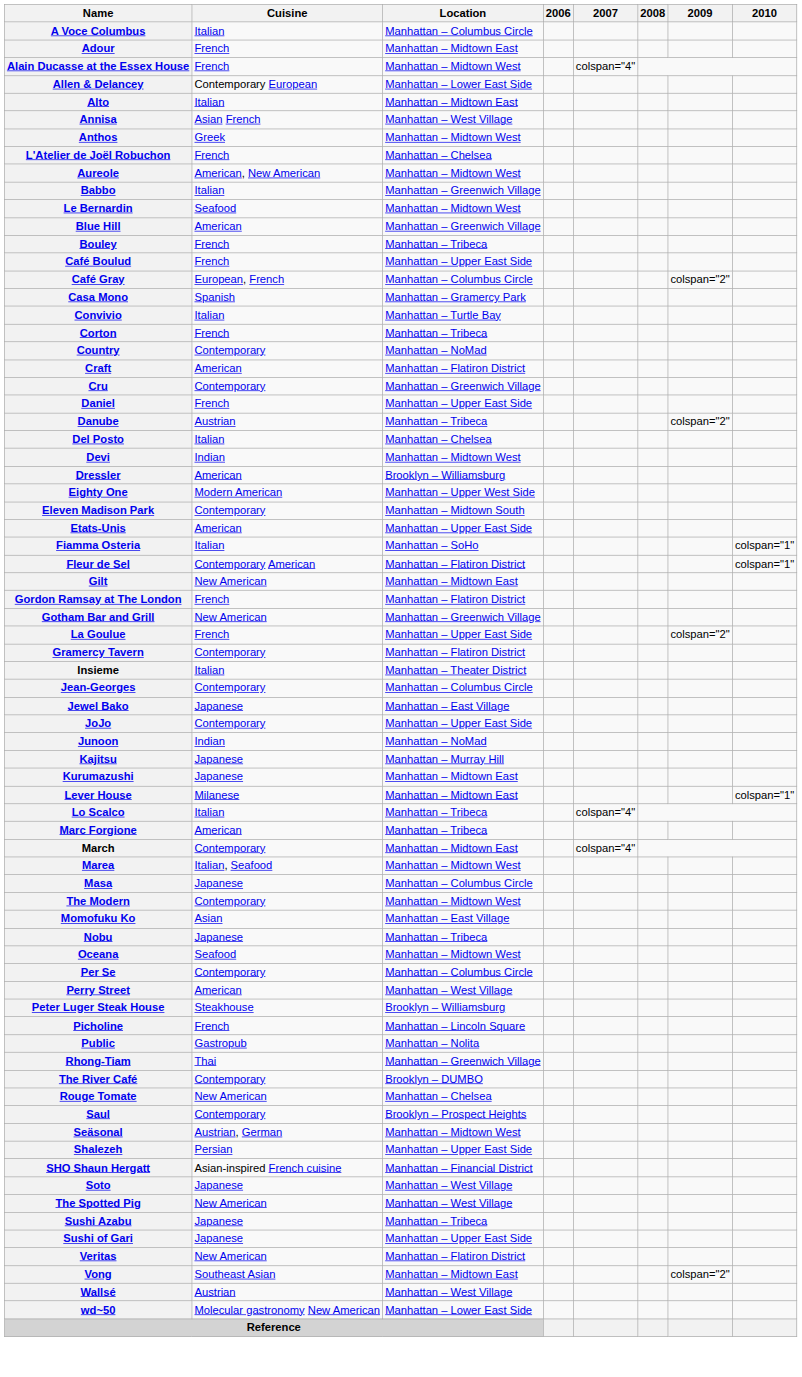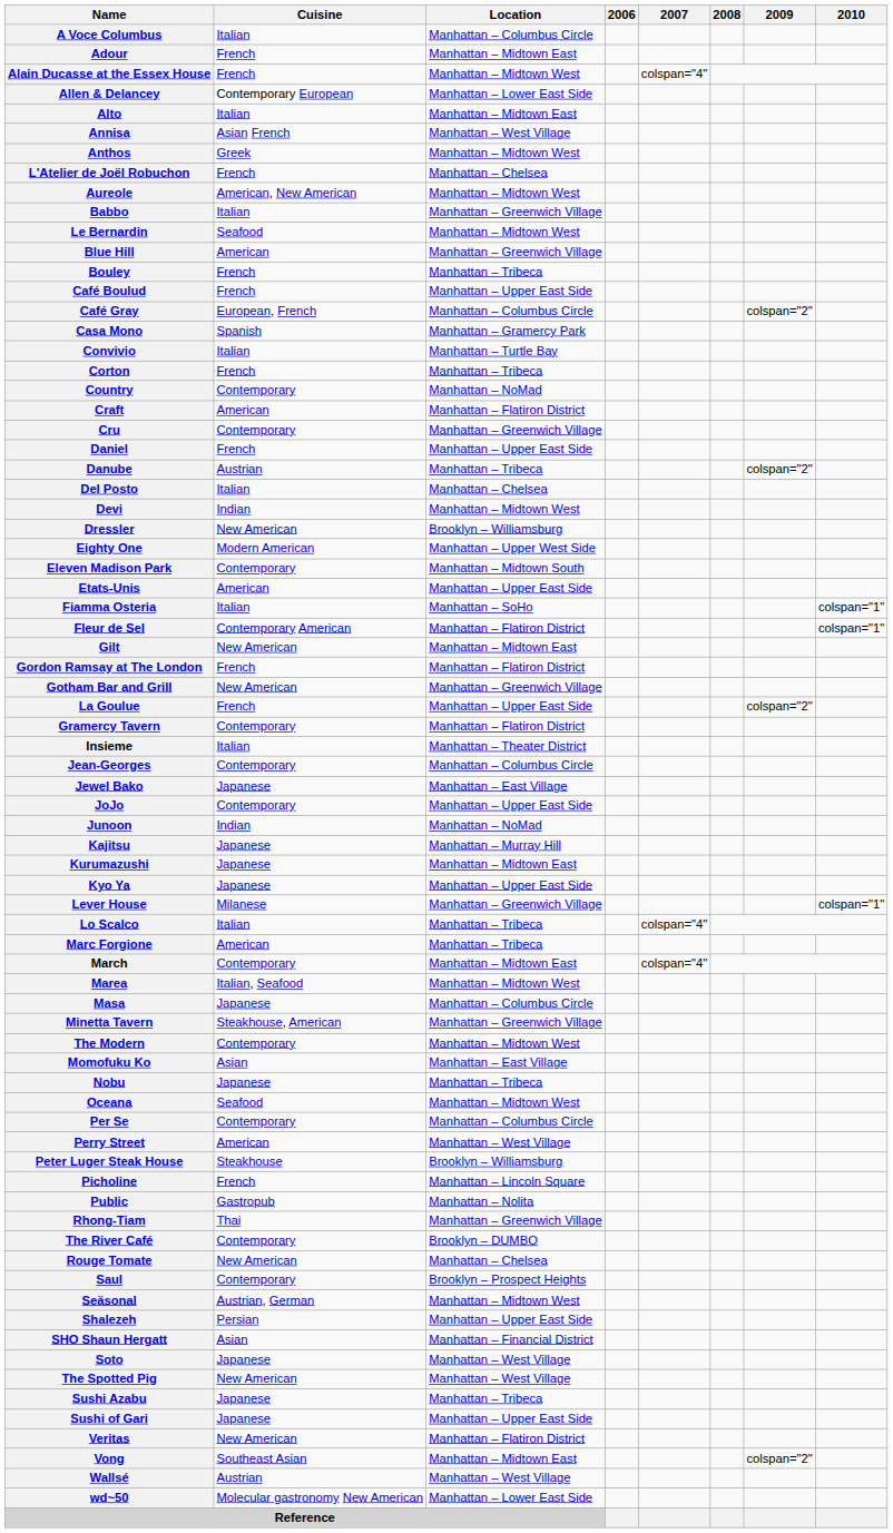 <table class="wikitable sortable plainrowheaders" style="text-align:left;"">
 <tr>
 <th scope="col">Name</th>
 <th scope="col">Cuisine</th>
 <th scope="col">Location</th>
 <th scope="col">2006</th>
 <th scope="col">2007</th>
 <th scope="col">2008</th>
 <th scope="col">2009</th>
 <th scope="col">2010</th>
 </tr>
 <tr>
 <th scope="row"><a href='#'>A Voce Columbus</a></th>
 <td><a href='#'>Italian</a></td>
 <td><a href='#'>Manhattan – Columbus Circle</a></td>
 <td></td>
 <td></td>
 <td></td>
 <td></td>
 <td></td>
 </tr>
 <tr>
 <th scope="row"><a href='#'>Adour</a></th>
 <td><a href='#'>French</a></td>
 <td><a href='#'>Manhattan – Midtown East</a></td>
 <td></td>
 <td></td>
 <td></td>
 <td></td>
 <td></td>
 </tr>
 <tr>
 <th scope="row"><a href='#'>Alain Ducasse at the Essex House</a></th>
 <td><a href='#'>French</a></td>
 <td><a href='#'>Manhattan – Midtown West</a></td>
 <td></td>
 <td>colspan="4" </td>
 </tr>
 <tr>
 <th scope="row"><a href='#'>Allen & Delancey</a></th>
 <td>Contemporary <a href='#'>European</a></td>
 <td><a href='#'>Manhattan – Lower East Side</a></td>
 <td></td>
 <td></td>
 <td></td>
 <td></td>
 <td></td>
 </tr>
 <tr>
 <th scope="row"><a href='#'>Alto</a></th>
 <td><a href='#'>Italian</a></td>
 <td><a href='#'>Manhattan – Midtown East</a></td>
 <td></td>
 <td></td>
 <td></td>
 <td></td>
 <td></td>
 </tr>
 <tr>
 <th scope="row"><a href='#'>Annisa</a></th>
 <td><a href='#'>Asian</a> <a href='#'>French</a></td>
 <td><a href='#'>Manhattan – West Village</a></td>
 <td></td>
 <td></td>
 <td></td>
 <td></td>
 <td></td>
 </tr>
 <tr>
 <th scope="row"><a href='#'>Anthos</a></th>
 <td><a href='#'>Greek</a></td>
 <td><a href='#'>Manhattan – Midtown West</a></td>
 <td></td>
 <td></td>
 <td></td>
 <td></td>
 <td></td>
 </tr>
 <tr>
 <th scope="row"><a href='#'>L'Atelier de Joël Robuchon</a></th>
 <td><a href='#'>French</a></td>
 <td><a href='#'>Manhattan – Chelsea</a></td>
 <td></td>
 <td></td>
 <td></td>
 <td></td>
 <td></td>
 </tr>
 <tr>
 <th scope="row"><a href='#'>Aureole</a></th>
 <td><a href='#'>American</a>, <a href='#'>New American</a></td>
 <td><a href='#'>Manhattan – Midtown West</a></td>
 <td></td>
 <td></td>
 <td></td>
 <td></td>
 <td></td>
 </tr>
 <tr>
 <th scope="row"><a href='#'>Babbo</a></th>
 <td><a href='#'>Italian</a></td>
 <td><a href='#'>Manhattan – Greenwich Village</a></td>
 <td></td>
 <td></td>
 <td></td>
 <td></td>
 <td></td>
 </tr>
 <tr>
 <th scope="row"><a href='#'>Le Bernardin</a></th>
 <td><a href='#'>Seafood</a></td>
 <td><a href='#'>Manhattan – Midtown West</a></td>
 <td></td>
 <td></td>
 <td></td>
 <td></td>
 <td></td>
 </tr>
 <tr>
 <th scope="row"><a href='#'>Blue Hill</a></th>
 <td><a href='#'>American</a></td>
 <td><a href='#'>Manhattan – Greenwich Village</a></td>
 <td></td>
 <td></td>
 <td></td>
 <td></td>
 <td></td>
 </tr>
 <tr>
 <th scope="row"><a href='#'>Bouley</a></th>
 <td><a href='#'>French</a></td>
 <td><a href='#'>Manhattan – Tribeca</a></td>
 <td></td>
 <td></td>
 <td></td>
 <td></td>
 <td></td>
 </tr>
 <tr>
 <th scope="row"><a href='#'>Café Boulud</a></th>
 <td><a href='#'>French</a></td>
 <td><a href='#'>Manhattan – Upper East Side</a></td>
 <td></td>
 <td></td>
 <td></td>
 <td></td>
 <td></td>
 </tr>
 <tr>
 <th scope="row"><a href='#'>Café Gray</a></th>
 <td><a href='#'>European</a>, <a href='#'>French</a></td>
 <td><a href='#'>Manhattan – Columbus Circle</a></td>
 <td></td>
 <td></td>
 <td></td>
 <td>colspan="2" </td>
 </tr>
 <tr>
 <th scope="row"><a href='#'>Casa Mono</a></th>
 <td><a href='#'>Spanish</a></td>
 <td><a href='#'>Manhattan – Gramercy Park</a></td>
 <td></td>
 <td></td>
 <td></td>
 <td></td>
 <td></td>
 </tr>
 <tr>
 <th scope="row"><a href='#'>Convivio</a></th>
 <td><a href='#'>Italian</a></td>
 <td><a href='#'>Manhattan – Turtle Bay</a></td>
 <td></td>
 <td></td>
 <td></td>
 <td></td>
 <td></td>
 </tr>
 <tr>
 <th scope="row"><a href='#'>Corton</a></th>
 <td><a href='#'>French</a></td>
 <td><a href='#'>Manhattan – Tribeca</a></td>
 <td></td>
 <td></td>
 <td></td>
 <td></td>
 <td></td>
 </tr>
 <tr>
 <th scope="row"><a href='#'>Country</a></th>
 <td><a href='#'>Contemporary</a></td>
 <td><a href='#'>Manhattan – NoMad</a></td>
 <td></td>
 <td></td>
 <td></td>
 <td></td>
 <td></td>
 </tr>
 <tr>
 <th scope="row"><a href='#'>Craft</a></th>
 <td><a href='#'>American</a></td>
 <td><a href='#'>Manhattan – Flatiron District</a></td>
 <td></td>
 <td></td>
 <td></td>
 <td></td>
 <td></td>
 </tr>
 <tr>
 <th scope="row"><a href='#'>Cru</a></th>
 <td><a href='#'>Contemporary</a></td>
 <td><a href='#'>Manhattan – Greenwich Village</a></td>
 <td></td>
 <td></td>
 <td></td>
 <td></td>
 <td></td>
 </tr>
 <tr>
 <th scope="row"><a href='#'>Daniel</a></th>
 <td><a href='#'>French</a></td>
 <td><a href='#'>Manhattan – Upper East Side</a></td>
 <td></td>
 <td></td>
 <td></td>
 <td></td>
 <td></td>
 </tr>
 <tr>
 <th scope="row"><a href='#'>Danube</a></th>
 <td><a href='#'>Austrian</a></td>
 <td><a href='#'>Manhattan – Tribeca</a></td>
 <td></td>
 <td></td>
 <td></td>
 <td>colspan="2" </td>
 </tr>
 <tr>
 <th scope="row"><a href='#'>Del Posto</a></th>
 <td><a href='#'>Italian</a></td>
 <td><a href='#'>Manhattan – Chelsea</a></td>
 <td></td>
 <td></td>
 <td></td>
 <td></td>
 <td></td>
 </tr>
 <tr>
 <th scope="row"><a href='#'>Devi</a></th>
 <td><a href='#'>Indian</a></td>
 <td><a href='#'>Manhattan – Midtown West</a></td>
 <td></td>
 <td></td>
 <td></td>
 <td></td>
 <td></td>
 </tr>
 <tr>
 <th scope="row"><a href='#'>Dressler</a></th>
-<td><a href='#'>American</a></td>
+<td><a href='#'>New American</a></td>
 <td><a href='#'>Brooklyn  – Williamsburg</a></td>
 <td></td>
 <td></td>
 <td></td>
 <td></td>
 <td></td>
 </tr>
 <tr>
 <th scope="row"><a href='#'>Eighty One</a></th>
 <td><a href='#'>Modern American</a></td>
 <td><a href='#'>Manhattan – Upper West Side</a></td>
 <td></td>
 <td></td>
 <td></td>
 <td></td>
 <td></td>
 </tr>
 <tr>
 <th scope="row"><a href='#'>Eleven Madison Park</a></th>
 <td><a href='#'>Contemporary</a> </td>
 <td><a href='#'>Manhattan – Midtown South</a></td>
 <td></td>
 <td></td>
 <td></td>
 <td></td>
 <td></td>
 </tr>
 <tr>
 <th scope="row"><a href='#'>Etats-Unis</a></th>
 <td><a href='#'>American</a></td>
 <td><a href='#'>Manhattan – Upper East Side</a></td>
 <td></td>
 <td></td>
 <td></td>
 <td></td>
 <td></td>
 </tr>
 <tr>
 <th scope="row"><a href='#'>Fiamma Osteria</a></th>
 <td><a href='#'>Italian</a></td>
 <td><a href='#'>Manhattan – SoHo</a></td>
 <td></td>
 <td></td>
 <td></td>
 <td></td>
 <td>colspan="1" </td>
 </tr>
 <tr>
 <th scope="row"><a href='#'>Fleur de Sel</a></th>
 <td><a href='#'>Contemporary</a> <a href='#'>American</a></td>
 <td><a href='#'>Manhattan – Flatiron District</a></td>
 <td></td>
 <td></td>
 <td></td>
 <td></td>
 <td>colspan="1" </td>
 </tr>
 <tr>
 <th scope="row"><a href='#'>Gilt</a></th>
 <td><a href='#'>New American</a></td>
 <td><a href='#'>Manhattan – Midtown East</a></td>
 <td></td>
 <td></td>
 <td></td>
 <td></td>
 <td></td>
 </tr>
 <tr>
 <th scope="row"><a href='#'>Gordon Ramsay at The London</a></th>
 <td><a href='#'>French</a></td>
 <td><a href='#'>Manhattan – Flatiron District</a></td>
 <td></td>
 <td></td>
 <td></td>
 <td></td>
 <td></td>
 </tr>
 <tr>
 <th scope="row"><a href='#'>Gotham Bar and Grill</a></th>
 <td><a href='#'>New American</a></td>
 <td><a href='#'>Manhattan – Greenwich Village</a></td>
 <td></td>
 <td></td>
 <td></td>
 <td></td>
 <td></td>
 </tr>
 <tr>
 <th scope="row"><a href='#'>La Goulue</a></th>
 <td><a href='#'>French</a></td>
 <td><a href='#'>Manhattan – Upper East Side</a></td>
 <td></td>
 <td></td>
 <td></td>
 <td>colspan="2" </td>
 </tr>
 <tr>
 <th scope="row"><a href='#'>Gramercy Tavern</a></th>
 <td><a href='#'>Contemporary</a></td>
 <td><a href='#'>Manhattan – Flatiron District</a></td>
 <td></td>
 <td></td>
 <td></td>
 <td></td>
 <td></td>
 </tr>
 <tr>
 <th scope="row">Insieme</th>
 <td><a href='#'>Italian</a></td>
 <td><a href='#'>Manhattan – Theater District</a></td>
 <td></td>
 <td></td>
 <td></td>
 <td></td>
 <td></td>
 </tr>
 <tr>
 <th scope="row"><a href='#'>Jean-Georges</a></th>
 <td><a href='#'>Contemporary</a></td>
 <td><a href='#'>Manhattan – Columbus Circle</a></td>
 <td></td>
 <td></td>
 <td></td>
 <td></td>
 <td></td>
 </tr>
 <tr>
 <th scope="row"><a href='#'>Jewel Bako</a></th>
 <td><a href='#'>Japanese</a></td>
 <td><a href='#'>Manhattan – East Village</a></td>
 <td></td>
 <td></td>
 <td></td>
 <td></td>
 <td></td>
 </tr>
 <tr>
 <th scope="row"><a href='#'>JoJo</a></th>
 <td><a href='#'>Contemporary</a></td>
 <td><a href='#'>Manhattan – Upper East Side</a></td>
 <td></td>
 <td></td>
 <td></td>
 <td></td>
 <td></td>
 </tr>
 <tr>
 <th scope="row"><a href='#'>Junoon</a></th>
 <td><a href='#'>Indian</a></td>
 <td><a href='#'>Manhattan – NoMad</a></td>
 <td></td>
 <td></td>
 <td></td>
 <td></td>
 <td></td>
 </tr>
 <tr>
 <th scope="row"><a href='#'>Kajitsu</a></th>
 <td><a href='#'>Japanese</a></td>
 <td><a href='#'>Manhattan – Murray Hill</a></td>
 <td></td>
 <td></td>
 <td></td>
 <td></td>
 <td></td>
 </tr>
 <tr>
 <th scope="row"><a href='#'>Kurumazushi</a></th>
 <td><a href='#'>Japanese</a></td>
 <td><a href='#'>Manhattan – Midtown East</a></td>
 <td></td>
 <td></td>
 <td></td>
 <td></td>
 <td></td>
 </tr>
 <tr>
+<th scope="row"><a href='#'>Kyo Ya</a></th>
+<td><a href='#'>Japanese</a></td>
+<td><a href='#'>Manhattan – Upper East Side</a></td>
+<td></td>
+<td></td>
+<td></td>
+<td></td>
+<td></td>
+</tr>
+<tr>
 <th scope="row"><a href='#'>Lever House</a></th>
 <td><a href='#'>Milanese</a></td>
-<td><a href='#'>Manhattan – Midtown East</a></td>
+<td><a href='#'>Manhattan – Greenwich Village</a></td>
 <td></td>
 <td></td>
 <td></td>
 <td></td>
 <td>colspan="1" </td>
 </tr>
 <tr>
 <th scope="row"><a href='#'>Lo Scalco</a></th>
 <td><a href='#'>Italian</a></td>
 <td><a href='#'>Manhattan – Tribeca</a></td>
 <td></td>
 <td>colspan="4" </td>
 </tr>
 <tr>
 <th scope="row"><a href='#'>Marc Forgione</a></th>
 <td><a href='#'>American</a></td>
 <td><a href='#'>Manhattan – Tribeca</a></td>
 <td></td>
 <td></td>
 <td></td>
 <td></td>
 <td></td>
 </tr>
 <tr>
 <th scope="row">March</th>
 <td><a href='#'>Contemporary</a></td>
 <td><a href='#'>Manhattan – Midtown East</a></td>
 <td></td>
 <td>colspan="4" </td>
 </tr>
 <tr>
 <th scope="row"><a href='#'>Marea</a></th>
 <td><a href='#'>Italian</a>, <a href='#'>Seafood</a></td>
 <td><a href='#'>Manhattan – Midtown West</a></td>
 <td></td>
 <td></td>
 <td></td>
 <td></td>
 <td></td>
 </tr>
 <tr>
 <th scope="row"><a href='#'>Masa</a></th>
 <td><a href='#'>Japanese</a></td>
 <td><a href='#'>Manhattan – Columbus Circle</a></td>
+<td></td>
+<td></td>
+<td></td>
+<td></td>
+<td></td>
+</tr>
+<tr>
+<th scope="row"><a href='#'>Minetta Tavern</a></th>
+<td><a href='#'>Steakhouse</a>, <a href='#'>American</a></td>
+<td><a href='#'>Manhattan – Greenwich Village</a></td>
 <td></td>
 <td></td>
 <td></td>
 <td></td>
 <td></td>
 </tr>
 <tr>
 <th scope="row"><a href='#'>The Modern</a></th>
 <td><a href='#'>Contemporary</a></td>
 <td><a href='#'>Manhattan – Midtown West</a></td>
 <td></td>
 <td></td>
 <td></td>
 <td></td>
 <td></td>
 </tr>
 <tr>
 <th scope="row"><a href='#'>Momofuku Ko</a></th>
 <td><a href='#'>Asian</a></td>
 <td><a href='#'>Manhattan – East Village</a></td>
 <td></td>
 <td></td>
 <td></td>
 <td></td>
 <td></td>
 </tr>
 <tr>
 <th scope="row"><a href='#'>Nobu</a></th>
 <td><a href='#'>Japanese</a></td>
 <td><a href='#'>Manhattan – Tribeca</a></td>
 <td></td>
 <td></td>
 <td></td>
 <td></td>
 <td></td>
 </tr>
 <tr>
 <th scope="row"><a href='#'>Oceana</a></th>
 <td><a href='#'>Seafood</a></td>
 <td><a href='#'>Manhattan – Midtown West</a></td>
 <td></td>
 <td></td>
 <td></td>
 <td></td>
 <td></td>
 </tr>
 <tr>
 <th scope="row"><a href='#'>Per Se</a></th>
 <td><a href='#'>Contemporary</a></td>
 <td><a href='#'>Manhattan – Columbus Circle</a></td>
 <td></td>
 <td></td>
 <td></td>
 <td></td>
 <td></td>
 </tr>
 <tr>
 <th scope="row"><a href='#'>Perry Street</a></th>
 <td><a href='#'>American</a></td>
 <td><a href='#'>Manhattan – West Village</a></td>
 <td></td>
 <td></td>
 <td></td>
 <td></td>
 <td></td>
 </tr>
 <tr>
 <th scope="row"><a href='#'>Peter Luger Steak House</a></th>
 <td><a href='#'>Steakhouse</a></td>
 <td><a href='#'>Brooklyn – Williamsburg</a></td>
 <td></td>
 <td></td>
 <td></td>
 <td></td>
 <td></td>
 </tr>
 <tr>
 <th scope="row"><a href='#'>Picholine</a></th>
 <td><a href='#'>French</a></td>
 <td><a href='#'>Manhattan – Lincoln Square</a></td>
 <td></td>
 <td></td>
 <td></td>
 <td></td>
 <td></td>
 </tr>
 <tr>
 <th scope="row"><a href='#'>Public</a></th>
 <td><a href='#'>Gastropub</a></td>
 <td><a href='#'>Manhattan – Nolita</a></td>
 <td></td>
 <td></td>
 <td></td>
 <td></td>
 <td></td>
 </tr>
 <tr>
 <th scope="row"><a href='#'>Rhong-Tiam</a></th>
 <td><a href='#'>Thai</a></td>
 <td><a href='#'>Manhattan – Greenwich Village</a></td>
 <td></td>
 <td></td>
 <td></td>
 <td></td>
 <td></td>
 </tr>
 <tr>
 <th scope="row"><a href='#'>The River Café</a></th>
 <td><a href='#'>Contemporary</a></td>
 <td><a href='#'>Brooklyn – DUMBO</a></td>
 <td></td>
 <td></td>
 <td></td>
 <td></td>
 <td></td>
 </tr>
 <tr>
 <th scope="row"><a href='#'>Rouge Tomate</a></th>
 <td><a href='#'>New American</a></td>
 <td><a href='#'>Manhattan – Chelsea</a></td>
 <td></td>
 <td></td>
 <td></td>
 <td></td>
 <td></td>
 </tr>
 <tr>
 <th scope="row"><a href='#'>Saul</a></th>
 <td><a href='#'>Contemporary</a></td>
 <td><a href='#'>Brooklyn – Prospect Heights</a></td>
 <td></td>
 <td></td>
 <td></td>
 <td></td>
 <td></td>
 </tr>
 <tr>
 <th scope="row"><a href='#'>Seäsonal</a></th>
 <td><a href='#'>Austrian</a>, <a href='#'>German</a></td>
 <td><a href='#'>Manhattan – Midtown West</a></td>
 <td></td>
 <td></td>
 <td></td>
 <td></td>
 <td></td>
 </tr>
 <tr>
 <th scope="row"><a href='#'>Shalezeh</a></th>
 <td><a href='#'>Persian</a></td>
 <td><a href='#'>Manhattan – Upper East Side</a></td>
 <td></td>
 <td></td>
 <td></td>
 <td></td>
 <td></td>
 </tr>
 <tr>
 <th scope="row"><a href='#'>SHO Shaun Hergatt</a></th>
-<td>Asian-inspired <a href='#'>French cuisine</a></td>
+<td><a href='#'>Asian</a></td>
 <td><a href='#'>Manhattan – Financial District</a></td>
 <td></td>
 <td></td>
 <td></td>
 <td></td>
 <td></td>
 </tr>
 <tr>
 <th scope="row"><a href='#'>Soto</a></th>
 <td><a href='#'>Japanese</a></td>
 <td><a href='#'>Manhattan – West Village</a></td>
 <td></td>
 <td></td>
 <td></td>
 <td></td>
 <td></td>
 </tr>
 <tr>
 <th scope="row"><a href='#'>The Spotted Pig</a></th>
 <td><a href='#'>New American</a></td>
 <td><a href='#'>Manhattan – West Village</a></td>
 <td></td>
 <td></td>
 <td></td>
 <td></td>
 <td></td>
 </tr>
 <tr>
 <th scope="row"><a href='#'>Sushi Azabu</a></th>
 <td><a href='#'>Japanese</a></td>
 <td><a href='#'>Manhattan – Tribeca</a></td>
 <td></td>
 <td></td>
 <td></td>
 <td></td>
 <td></td>
 </tr>
 <tr>
 <th scope="row"><a href='#'>Sushi of Gari</a></th>
 <td><a href='#'>Japanese</a></td>
 <td><a href='#'>Manhattan – Upper East Side</a></td>
 <td></td>
 <td></td>
 <td></td>
 <td></td>
 <td></td>
 </tr>
 <tr>
 <th scope="row"><a href='#'>Veritas</a></th>
 <td><a href='#'>New American</a></td>
 <td><a href='#'>Manhattan – Flatiron District</a></td>
 <td></td>
 <td></td>
 <td></td>
 <td></td>
 <td></td>
 </tr>
 <tr>
 <th scope="row"><a href='#'>Vong</a></th>
 <td><a href='#'>Southeast Asian</a></td>
 <td><a href='#'>Manhattan – Midtown East</a></td>
 <td></td>
 <td></td>
 <td></td>
 <td>colspan="2"  </td>
 </tr>
 <tr>
 <th scope="row"><a href='#'>Wallsé</a></th>
 <td><a href='#'>Austrian</a></td>
 <td><a href='#'>Manhattan – West Village</a></td>
 <td></td>
 <td></td>
 <td></td>
 <td></td>
 <td></td>
 </tr>
 <tr>
 <th scope="row"><a href='#'>wd~50</a></th>
 <td><a href='#'>Molecular gastronomy</a> <a href='#'>New American</a></td>
 <td><a href='#'>Manhattan – Lower East Side</a></td>
 <td></td>
 <td></td>
 <td></td>
 <td></td>
 <td></td>
 </tr>
 <tr>
 <th colspan="3" style="text-align: center;background: lightgray;">Reference</th>
 <th></th>
 <th></th>
 <th></th>
 <th></th>
 <th></th>
 </tr>
 </table>
